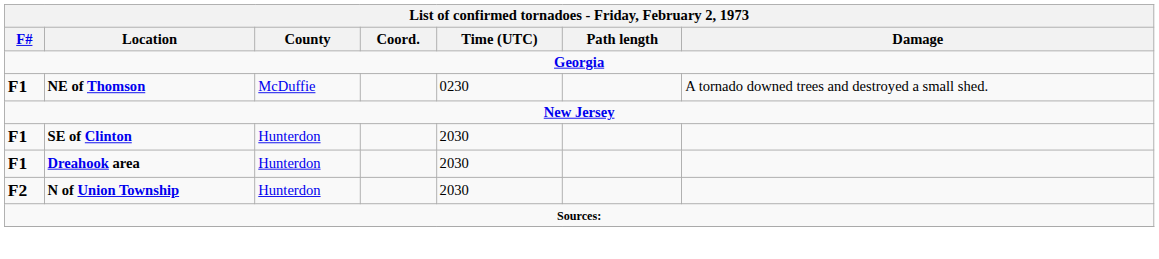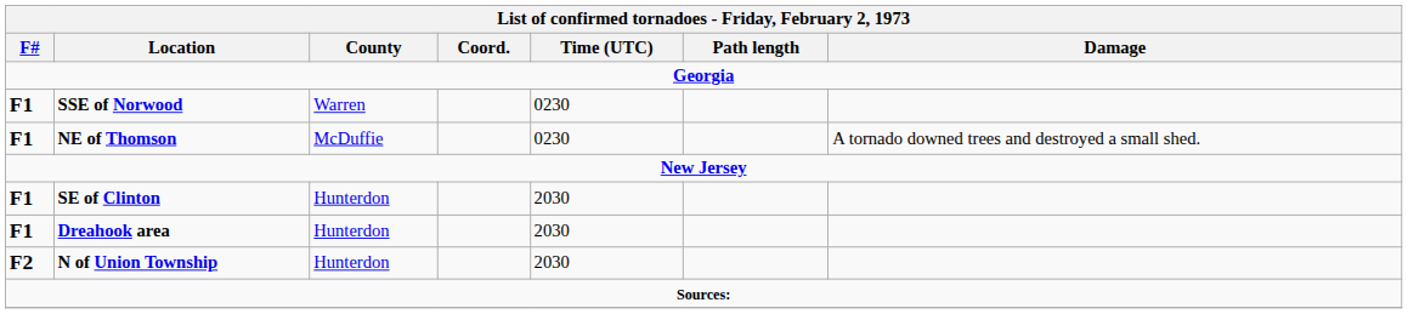 <table class="wikitable collapsible" width="100%">
 <tr>
 <th colspan="7">List of confirmed tornadoes - Friday, February 2, 1973</th>
 </tr>
 <tr>
 <th><a href='#'>F#</a></th>
 <th>Location</th>
 <th>County</th>
 <th>Coord.</th>
 <th>Time (UTC)</th>
 <th>Path length</th>
 <th>Damage</th>
 </tr>
 <tr>
 <td colspan="7" align=center><strong><a href='#'>Georgia</a></strong></td>
+</tr>
+<tr>
+<td><big><strong>F1</strong></big></td>
+<td><strong>SSE of <a href='#'>Norwood</a></strong></td>
+<td><a href='#'>Warren</a></td>
+<td></td>
+<td>0230</td>
+<td></td>
+<td></td>
 </tr>
 <tr>
 <td><big><strong>F1</strong></big></td>
 <td><strong>NE of <a href='#'>Thomson</a></strong></td>
 <td><a href='#'>McDuffie</a></td>
 <td></td>
 <td>0230</td>
 <td></td>
 <td>A tornado downed trees and destroyed a small shed.</td>
 </tr>
 <tr>
 <td colspan="7" align=center><strong><a href='#'>New Jersey</a></strong></td>
 </tr>
 <tr>
 <td><big><strong>F1</strong></big></td>
 <td><strong>SE of <a href='#'>Clinton</a></strong></td>
 <td><a href='#'>Hunterdon</a></td>
 <td></td>
 <td>2030</td>
 <td></td>
 <td></td>
 </tr>
 <tr>
 <td><big><strong>F1</strong></big></td>
 <td><strong><a href='#'>Dreahook</a> area</strong></td>
 <td><a href='#'>Hunterdon</a></td>
 <td></td>
 <td>2030</td>
 <td></td>
 <td></td>
 </tr>
 <tr>
 <td><big><strong>F2</strong></big></td>
 <td><strong>N of <a href='#'>Union Township</a></strong></td>
 <td><a href='#'>Hunterdon</a></td>
 <td></td>
 <td>2030</td>
 <td></td>
 <td></td>
 </tr>
 <tr>
 <td colspan="7" align=center><small><strong>Sources:</strong> </small></td>
 </tr>
 <tr>
 </tr>
 </table>
